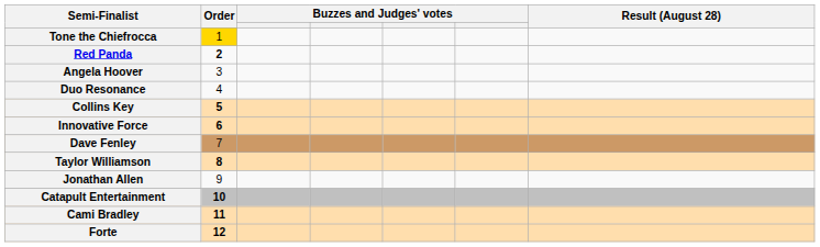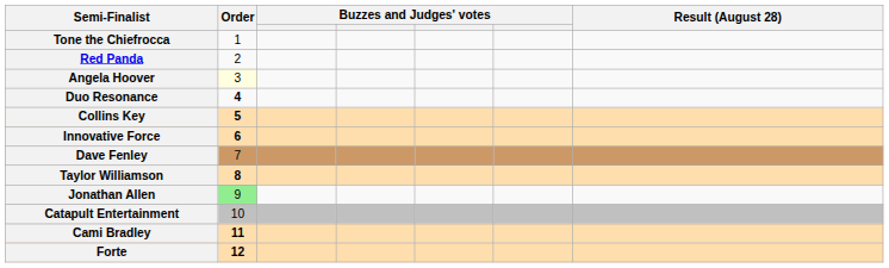 <table class="wikitable plainrowheaders sortable" style="text-align:center;">
 <tr>
 <th scope="col" rowspan="2" class="unsortable" style="width:17em;">Semi-Finalist</th>
 <th scope="col" rowspan="2" style="width:1em;">Order</th>
 <th scope="col" colspan="4" class="unsortable" style="width:24em;">Buzzes and Judges' votes</th>
 <th scope="col" rowspan="2" style="width:25em;">Result (August 28)</th>
 </tr>
 <tr>
 <th scope="col" class="unsortable" style="width:6em;"></th>
 <th scope="col" class="unsortable" style="width:6em;"></th>
 <th scope="col" class="unsortable" style="width:6em;"></th>
 <th scope="col" class="unsortable" style="width:6em;"></th>
 </tr>
 <tr>
 <th scope="row">Tone the Chiefrocca</th>
-<td style="background: gold;">1</td>
+<td>1</td>
 <td style="text-align:center;"></td>
 <td style="text-align:center;"></td>
 <td style="text-align:center;"></td>
 <td style="text-align:center;"></td>
 <td></td>
 </tr>
 <tr>
 <th scope="row"><a href='#'>Red Panda</a></th>
-<td><strong>2</strong></td>
+<td>2</td>
 <td style="text-align:center;"></td>
 <td style="text-align:center;"></td>
 <td style="text-align:center;"></td>
 <td style="text-align:center;"></td>
 <td></td>
 </tr>
 <tr>
 <th scope="row">Angela Hoover</th>
-<td>3</td>
+<td style="background: lightyellow;">3</td>
 <td style="text-align:center;"></td>
 <td style="text-align:center;"></td>
 <td style="text-align:center;"></td>
 <td style="text-align:center;"></td>
 <td></td>
 </tr>
 <tr>
 <th scope="row">Duo Resonance</th>
-<td>4</td>
+<td><strong>4</strong></td>
 <td style="text-align:center;"></td>
 <td style="text-align:center;"></td>
 <td style="text-align:center;"></td>
 <td style="text-align:center;"></td>
 <td></td>
 </tr>
 <tr style="background:NavajoWhite">
 <th scope="row"><strong>Collins Key</strong></th>
 <td><strong>5</strong></td>
 <td style="text-align:center;"></td>
 <td style="text-align:center;"></td>
 <td style="text-align:center;"></td>
 <td style="text-align:center;"></td>
 <td><strong></strong></td>
 </tr>
 <tr style="background:NavajoWhite">
 <th scope="row"><strong>Innovative Force</strong></th>
 <td><strong>6</strong></td>
 <td style="text-align:center;"></td>
 <td style="text-align:center;"></td>
 <td style="text-align:center;"></td>
 <td style="text-align:center;"></td>
 <td><strong></strong></td>
 </tr>
 <tr style="background:#c96">
 <th scope="row">Dave Fenley</th>
 <td>7</td>
 <td style="text-align:center;"></td>
 <td style="text-align:center;"></td>
 <td style="text-align:center;"></td>
 <td style="text-align:center;"></td>
 <td></td>
 </tr>
 <tr style="background:NavajoWhite">
 <th scope="row"><strong>Taylor Williamson</strong></th>
 <td><strong>8</strong></td>
 <td style="text-align:center;"></td>
 <td style="text-align:center;"></td>
 <td style="text-align:center;"></td>
 <td style="text-align:center;"></td>
 <td><strong></strong></td>
 </tr>
 <tr>
 <th scope="row">Jonathan Allen</th>
-<td>9</td>
+<td style="background: lightgreen;">9</td>
 <td style="text-align:center;"></td>
 <td style="text-align:center;"></td>
 <td style="text-align:center;"></td>
 <td style="text-align:center;"></td>
 <td></td>
 </tr>
 <tr style="background:silver">
 <th scope="row">Catapult Entertainment</th>
-<td><strong>10</strong></td>
+<td>10</td>
 <td style="text-align:center;"></td>
 <td style="text-align:center;"></td>
 <td style="text-align:center;"></td>
 <td style="text-align:center;"></td>
 <td><strong></strong></td>
 </tr>
 <tr style="background:NavajoWhite">
 <th scope="row"><strong>Cami Bradley</strong></th>
 <td><strong>11</strong></td>
 <td style="text-align:center;"></td>
 <td style="text-align:center;"></td>
 <td style="text-align:center;"></td>
 <td style="text-align:center;"></td>
 <td><strong></strong></td>
 </tr>
 <tr style="background:NavajoWhite">
 <th scope="row"><strong>Forte</strong></th>
 <td><strong>12</strong></td>
 <td style="text-align:center;"></td>
 <td style="text-align:center;"></td>
 <td style="text-align:center;"></td>
 <td style="text-align:center;"></td>
 <td><strong></strong></td>
 </tr>
 </table>
